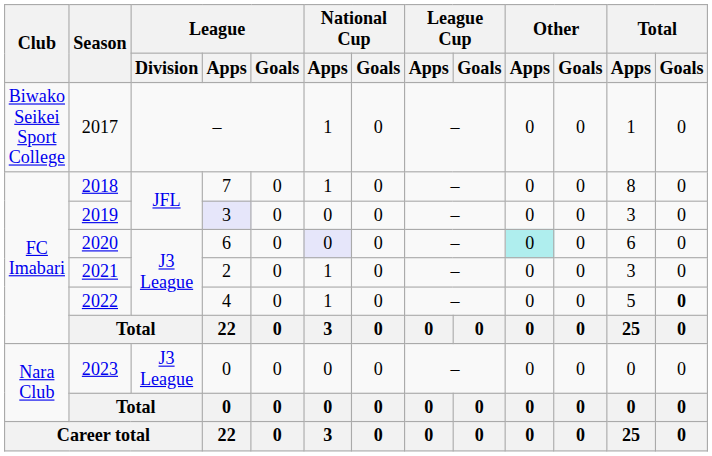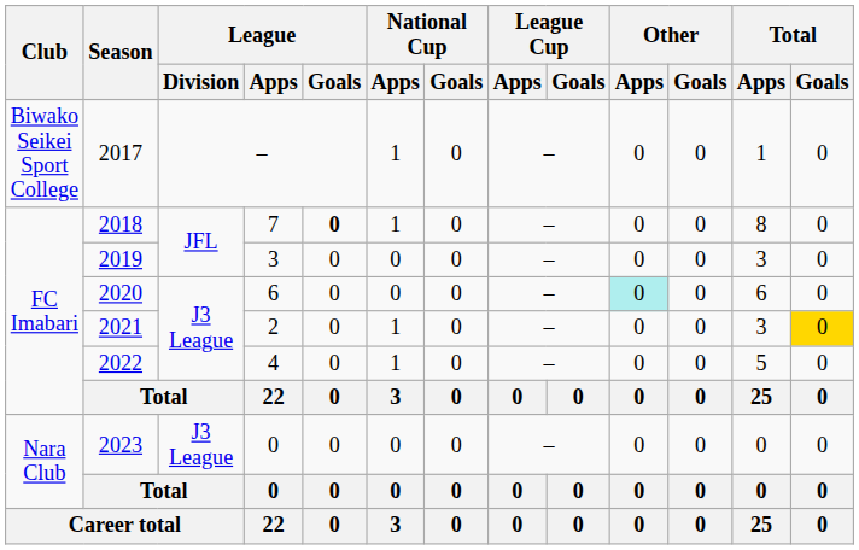 <table class="wikitable" style="text-align: center">
 <tr>
 <th rowspan="2">Club</th>
 <th rowspan="2">Season</th>
 <th colspan="3">League</th>
 <th colspan="2">National Cup</th>
 <th colspan="2">League Cup</th>
 <th colspan="2">Other</th>
 <th colspan="2">Total</th>
 </tr>
 <tr>
 <th>Division</th>
 <th>Apps</th>
 <th>Goals</th>
 <th>Apps</th>
 <th>Goals</th>
 <th>Apps</th>
 <th>Goals</th>
 <th>Apps</th>
 <th>Goals</th>
 <th>Apps</th>
 <th>Goals</th>
 </tr>
 <tr>
 <td><a href='#'>Biwako Seikei Sport College</a></td>
 <td>2017</td>
 <td colspan="3">–</td>
 <td>1</td>
 <td>0</td>
 <td colspan="2">–</td>
 <td>0</td>
 <td>0</td>
 <td>1</td>
 <td>0</td>
 </tr>
 <tr>
 <td rowspan="6"><a href='#'>FC Imabari</a></td>
 <td><a href='#'>2018</a></td>
 <td rowspan="2"><a href='#'>JFL</a></td>
 <td>7</td>
-<td>0</td>
+<td><strong>0</strong></td>
 <td>1</td>
 <td>0</td>
 <td colspan="2">–</td>
 <td>0</td>
 <td>0</td>
 <td>8</td>
 <td>0</td>
 </tr>
 <tr>
 <td><a href='#'>2019</a></td>
-<td style="background: lavender;">3</td>
+<td>3</td>
 <td>0</td>
 <td>0</td>
 <td>0</td>
 <td colspan="2">–</td>
 <td>0</td>
 <td>0</td>
 <td>3</td>
 <td>0</td>
 </tr>
 <tr>
 <td><a href='#'>2020</a></td>
 <td rowspan="3"><a href='#'>J3 League</a></td>
 <td>6</td>
 <td>0</td>
-<td style="background: lavender;">0</td>
+<td>0</td>
 <td>0</td>
 <td colspan="2">–</td>
 <td style="background: paleturquoise;">0</td>
 <td>0</td>
 <td>6</td>
 <td>0</td>
 </tr>
 <tr>
 <td><a href='#'>2021</a></td>
 <td>2</td>
 <td>0</td>
 <td>1</td>
 <td>0</td>
 <td colspan="2">–</td>
 <td>0</td>
 <td>0</td>
 <td>3</td>
-<td>0</td>
+<td style="background: gold;">0</td>
 </tr>
 <tr>
 <td><a href='#'>2022</a></td>
 <td>4</td>
 <td>0</td>
 <td>1</td>
 <td>0</td>
 <td colspan="2">–</td>
 <td>0</td>
 <td>0</td>
 <td>5</td>
-<td><strong>0</strong></td>
+<td>0</td>
 </tr>
 <tr>
 <th colspan=2>Total</th>
 <th>22</th>
 <th>0</th>
 <th>3</th>
 <th>0</th>
 <th>0</th>
 <th>0</th>
 <th>0</th>
 <th>0</th>
 <th>25</th>
 <th>0</th>
 </tr>
 <tr>
 <td rowspan="2"><a href='#'>Nara Club</a></td>
 <td><a href='#'>2023</a></td>
 <td><a href='#'>J3 League</a></td>
 <td>0</td>
 <td>0</td>
 <td>0</td>
 <td>0</td>
 <td colspan="2">–</td>
 <td>0</td>
 <td>0</td>
 <td>0</td>
 <td>0</td>
 </tr>
 <tr>
 <th colspan=2>Total</th>
 <th>0</th>
 <th>0</th>
 <th>0</th>
 <th>0</th>
 <th>0</th>
 <th>0</th>
 <th>0</th>
 <th>0</th>
 <th>0</th>
 <th>0</th>
 </tr>
 <tr>
 <th colspan=3>Career total</th>
 <th>22</th>
 <th>0</th>
 <th>3</th>
 <th>0</th>
 <th>0</th>
 <th>0</th>
 <th>0</th>
 <th>0</th>
 <th>25</th>
 <th>0</th>
 </tr>
 </table>
